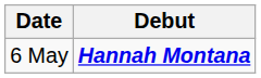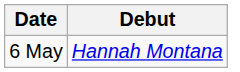 <table class="wikitable">
 <tr>
 <th>Date</th>
 <th>Debut</th>
 </tr>
 <tr>
 <td>6 May</td>
-<td><strong><em><a href='#'>Hannah Montana</a></em></strong></td>
+<td><em><a href='#'>Hannah Montana</a></em></td>
 </tr>
 </table>
